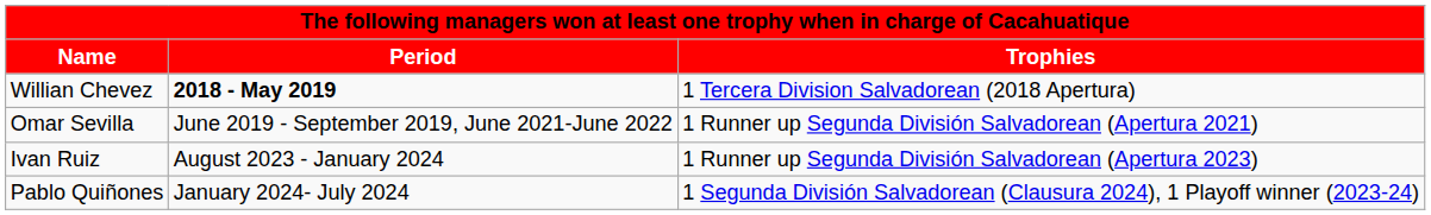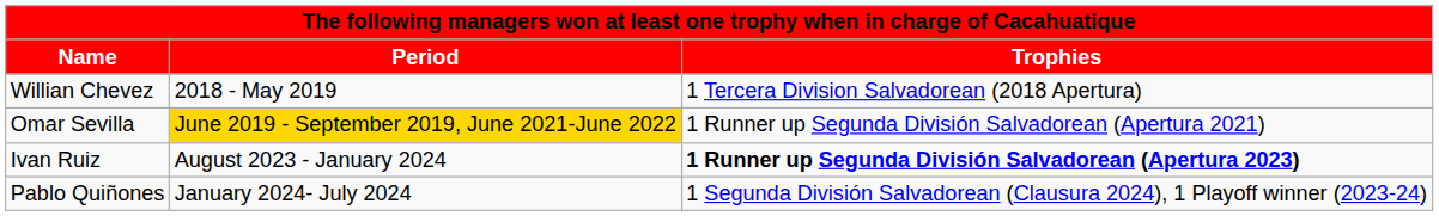 <table class="wikitable">
 <tr>
 <td bgcolor="ff0000" align="center" colspan="5"><strong><span>The following managers won at least one trophy when in charge of Cacahuatique</span></strong></td>
 </tr>
 <tr>
 <th style="color:white; background:#ff0000;">Name</th>
 <th style="color:white; background:#ff0000;">Period</th>
 <th style="color:white; background:#ff0000;">Trophies</th>
 </tr>
 <tr>
 <td> Willian Chevez</td>
-<td><strong>2018 - May 2019</strong></td>
+<td>2018 - May 2019</td>
 <td>1 <a href='#'>Tercera Division Salvadorean</a> (2018 Apertura)</td>
 </tr>
 <tr>
 <td> Omar Sevilla</td>
-<td>June 2019 - September 2019, June 2021-June 2022</td>
+<td style="background: gold;">June 2019 - September 2019, June 2021-June 2022</td>
 <td>1 Runner up <a href='#'>Segunda División Salvadorean</a> (<a href='#'>Apertura 2021</a>)</td>
 </tr>
 <tr>
 <td>  Ivan Ruiz</td>
 <td>August 2023 - January 2024</td>
-<td>1 Runner up <a href='#'>Segunda División Salvadorean</a> (<a href='#'>Apertura 2023</a>)</td>
+<td><strong>1 Runner up <a href='#'>Segunda División Salvadorean</a> (<a href='#'>Apertura 2023</a>)</strong></td>
 </tr>
 <tr>
 <td> Pablo Quiñones</td>
 <td>January 2024- July 2024</td>
 <td>1 <a href='#'>Segunda División Salvadorean</a> (<a href='#'>Clausura 2024</a>), 1 Playoff winner (<a href='#'>2023-24</a>)</td>
 </tr>
 </table>
